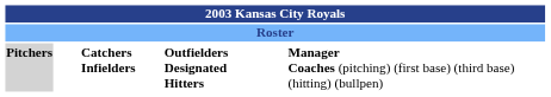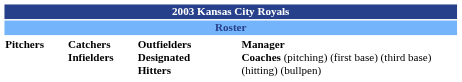 <table class="toccolours" style="font-size: 95%;">
 <tr>
 <th colspan="10" style="background-color: #27408B; color: white; text-align: center;">2003 Kansas City Royals</th>
 </tr>
 <tr>
 <td colspan="10" style="background-color: #74B4FA; color: #27408B; text-align: center;"><strong>Roster</strong></td>
 </tr>
 <tr>
-<td valign="top" style="background: lightgrey;"><strong>Pitchers</strong><br>                            </td>
+<td valign="top"><strong>Pitchers</strong><br>                            </td>
 <td width="25px"></td>
 <td valign="top"><strong>Catchers</strong><br>   <strong>Infielders</strong>           </td>
 <td width="25px"></td>
 <td valign="top"><strong>Outfielders</strong><br>         <strong>Designated Hitters</strong> </td>
 <td width="25px"></td>
 <td valign="top"><strong>Manager</strong><br> <strong>Coaches</strong>  (pitching)  (first base)  (third base)  (hitting)  (bullpen)</td>
 </tr>
 </table>
